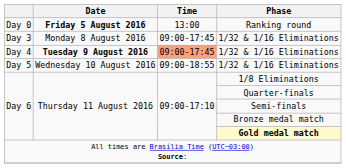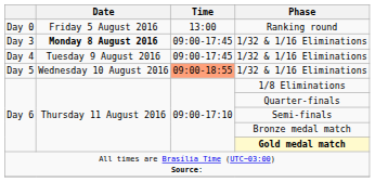 <table class=wikitable style="text-align:center;">
 <tr>
 <th></th>
 <th>Date</th>
 <th>Time</th>
 <th>Phase</th>
 </tr>
 <tr>
 <td>Day 0</td>
-<td><strong>Friday 5 August 2016</strong></td>
+<td>Friday 5 August 2016</td>
 <td>13:00</td>
 <td>Ranking round</td>
 </tr>
 <tr>
 <td>Day 3</td>
-<td>Monday 8 August 2016</td>
+<td><strong>Monday 8 August 2016</strong></td>
 <td>09:00-17:45</td>
 <td>1/32 & 1/16 Eliminations</td>
 </tr>
 <tr>
 <td>Day 4</td>
-<td><strong>Tuesday 9 August 2016</strong></td>
-<td style="background: lightsalmon;">09:00-17:45</td>
+<td>Tuesday 9 August 2016</td>
+<td>09:00-17:45</td>
 <td>1/32 & 1/16 Eliminations</td>
 </tr>
 <tr>
 <td>Day 5</td>
 <td>Wednesday 10 August 2016</td>
-<td>09:00-18:55</td>
+<td style="background: lightsalmon;">09:00-18:55</td>
 <td>1/32 & 1/16 Eliminations</td>
 </tr>
 <tr>
 <td rowspan=5>Day 6</td>
 <td rowspan=5>Thursday 11 August 2016</td>
 <td rowspan=5>09:00-17:10</td>
 <td>1/8 Eliminations</td>
 </tr>
 <tr>
 <td>Quarter-finals</td>
 </tr>
 <tr>
 <td>Semi-finals</td>
 </tr>
 <tr>
 <td>Bronze medal match</td>
 </tr>
 <tr>
 <td style=background:lemonchiffon><strong>Gold medal match</strong></td>
 </tr>
 <tr>
 <td colspan=4><small>All times are <a href='#'>Brasília Time</a> (<a href='#'>UTC−03:00</a>) <br> <strong>Source</strong>: </small></td>
 </tr>
 <tr>
 </tr>
 </table>
